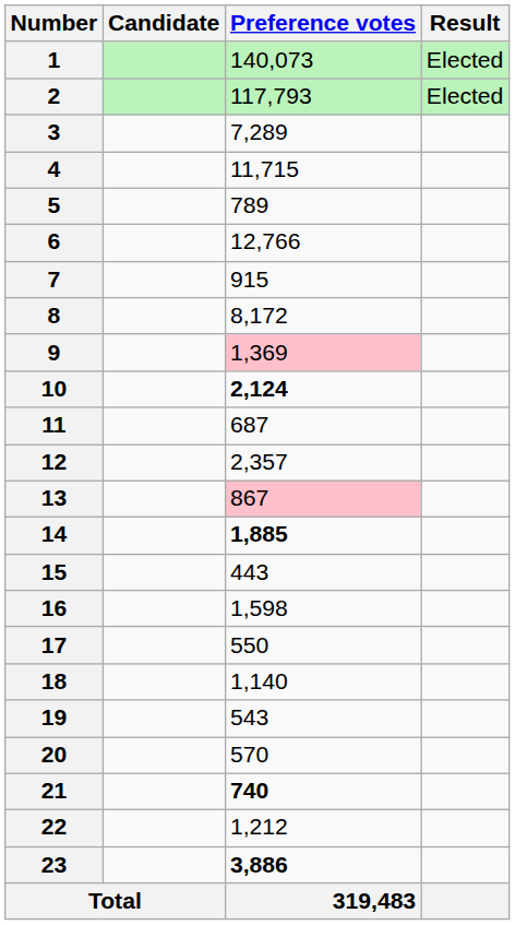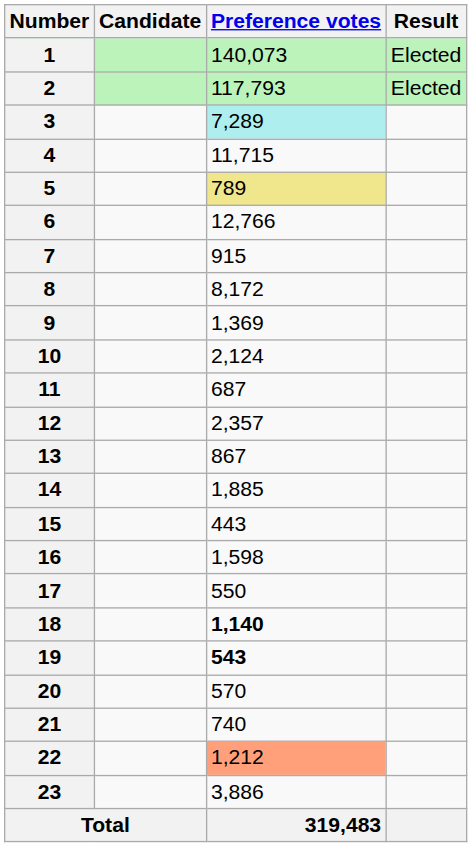 <table class="wikitable sortable" >
 <tr>
 <th scope="col">Number</th>
 <th scope="col">Candidate</th>
 <th scope="col"><a href='#'>Preference votes</a></th>
 <th scope="col">Result</th>
 </tr>
 <tr bgcolor=bbf3bb>
 <th scope="row">1</th>
 <td style="text-align:left"></td>
 <td>140,073</td>
 <td>Elected</td>
 </tr>
 <tr bgcolor=bbf3bb>
 <th scope="row">2</th>
 <td style="text-align:left"></td>
 <td>117,793</td>
 <td>Elected</td>
 </tr>
 <tr>
 <th scope="row">3</th>
 <td style="text-align:left"></td>
-<td>7,289</td>
+<td style="background: paleturquoise;">7,289</td>
 <td></td>
 </tr>
 <tr>
 <th scope="row">4</th>
 <td style="text-align:left"></td>
 <td>11,715</td>
 <td></td>
 </tr>
 <tr>
 <th scope="row">5</th>
 <td style="text-align:left"></td>
-<td>789</td>
+<td style="background: khaki;">789</td>
 <td></td>
 </tr>
 <tr>
 <th scope="row">6</th>
 <td style="text-align:left"></td>
 <td>12,766</td>
 <td></td>
 </tr>
 <tr>
 <th scope="row">7</th>
 <td style="text-align:left"></td>
 <td>915</td>
 <td></td>
 </tr>
 <tr>
 <th scope="row">8</th>
 <td style="text-align:left"></td>
 <td>8,172</td>
 <td></td>
 </tr>
 <tr>
 <th scope="row">9</th>
 <td style="text-align:left"></td>
-<td style="background: pink;">1,369</td>
+<td>1,369</td>
 <td></td>
 </tr>
 <tr>
 <th scope="row">10</th>
 <td style="text-align:left"></td>
-<td><strong>2,124</strong></td>
+<td>2,124</td>
 <td></td>
 </tr>
 <tr>
 <th scope="row">11</th>
 <td style="text-align:left"></td>
 <td>687</td>
 <td></td>
 </tr>
 <tr>
 <th scope="row">12</th>
 <td style="text-align:left"></td>
 <td>2,357</td>
 <td></td>
 </tr>
 <tr>
 <th scope="row">13</th>
 <td style="text-align:left"></td>
-<td style="background: pink;">867</td>
+<td>867</td>
 <td></td>
 </tr>
 <tr>
 <th scope="row">14</th>
 <td style="text-align:left"></td>
-<td><strong>1,885</strong></td>
+<td>1,885</td>
 <td></td>
 </tr>
 <tr>
 <th scope="row">15</th>
 <td style="text-align:left"></td>
 <td>443</td>
 <td></td>
 </tr>
 <tr>
 <th scope="row">16</th>
 <td style="text-align:left"></td>
 <td>1,598</td>
 <td></td>
 </tr>
 <tr>
 <th scope="row">17</th>
 <td style="text-align:left"></td>
 <td>550</td>
 <td></td>
 </tr>
 <tr>
 <th scope="row">18</th>
 <td style="text-align:left"></td>
-<td>1,140</td>
+<td><strong>1,140</strong></td>
 <td></td>
 </tr>
 <tr>
 <th scope="row">19</th>
 <td style="text-align:left"></td>
-<td>543</td>
+<td><strong>543</strong></td>
 <td></td>
 </tr>
 <tr>
 <th scope="row">20</th>
 <td style="text-align:left"></td>
 <td>570</td>
 <td></td>
 </tr>
 <tr>
 <th scope="row">21</th>
 <td style="text-align:left"></td>
-<td><strong>740</strong></td>
+<td>740</td>
 <td></td>
 </tr>
 <tr>
 <th scope="row">22</th>
 <td style="text-align:left"></td>
-<td>1,212</td>
+<td style="background: lightsalmon;">1,212</td>
 <td></td>
 </tr>
 <tr>
 <th scope="row">23</th>
 <td style="text-align:left"></td>
-<td><strong>3,886</strong></td>
+<td>3,886</td>
 <td></td>
 </tr>
 <tr class="sortbottom">
 <th scope="row"  colspan="2">Total</th>
 <th style="text-align:right">319,483</th>
 <th></th>
 </tr>
 </table>
